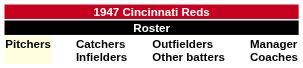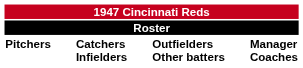 <table class="toccolours" style="font-size: 95%;">
 <tr>
 <th colspan="10" style="background-color: #c6011f; color: white; text-align: center;">1947 Cincinnati Reds</th>
 </tr>
 <tr>
 <td colspan="10" style="background-color: black; color: white; text-align: center;"><strong>Roster</strong></td>
 </tr>
 <tr>
-<td valign="top" style="background: lightyellow;"><strong>Pitchers</strong><br>                 </td>
+<td valign="top"><strong>Pitchers</strong><br>                 </td>
 <td width="25px"></td>
 <td valign="top"><strong>Catchers</strong><br>   <strong>Infielders</strong>         </td>
 <td width="25px"></td>
 <td valign="top"><strong>Outfielders</strong><br>       <strong>Other batters</strong> </td>
 <td width="25px"></td>
 <td valign="top"><strong>Manager</strong><br> <strong>Coaches</strong>  </td>
 </tr>
 </table>
